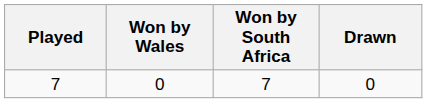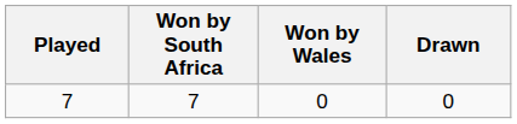 <table class="wikitable">
 <tr>
 <th width="88">Played</th>
+<th width="92">Won by<br>South Africa</th>
 <th width="92">Won by<br>Wales</th>
-<th width="92">Won by<br>South Africa</th>
 <th width="88">Drawn</th>
 </tr>
 <tr>
 <td align=center>7</td>
+<td align=center>7</td>
 <td align=center>0</td>
-<td align=center>7</td>
 <td align=center>0</td>
 </tr>
 </table>
